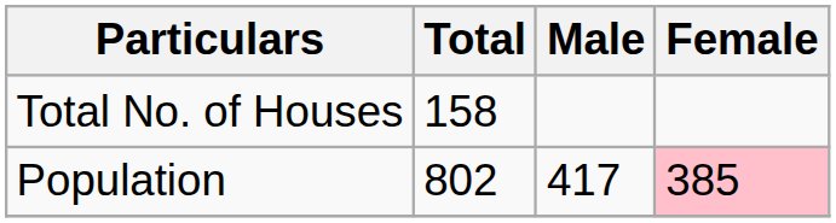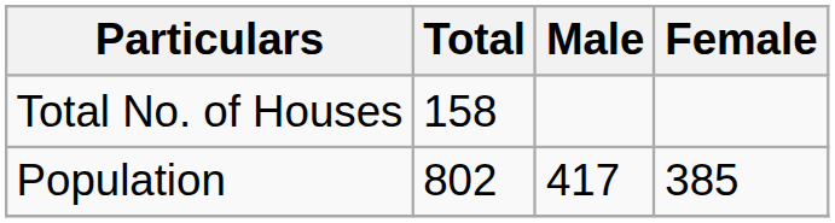 <table class="wikitable sortable">
 <tr>
 <th>Particulars</th>
 <th>Total</th>
 <th>Male</th>
 <th>Female</th>
 </tr>
 <tr>
 <td>Total No. of Houses</td>
 <td>158</td>
 <td></td>
 <td></td>
 </tr>
 <tr>
 <td>Population</td>
 <td>802</td>
 <td>417</td>
-<td style="background: pink;">385</td>
+<td>385</td>
 </tr>
 <tr>
 </tr>
 </table>
